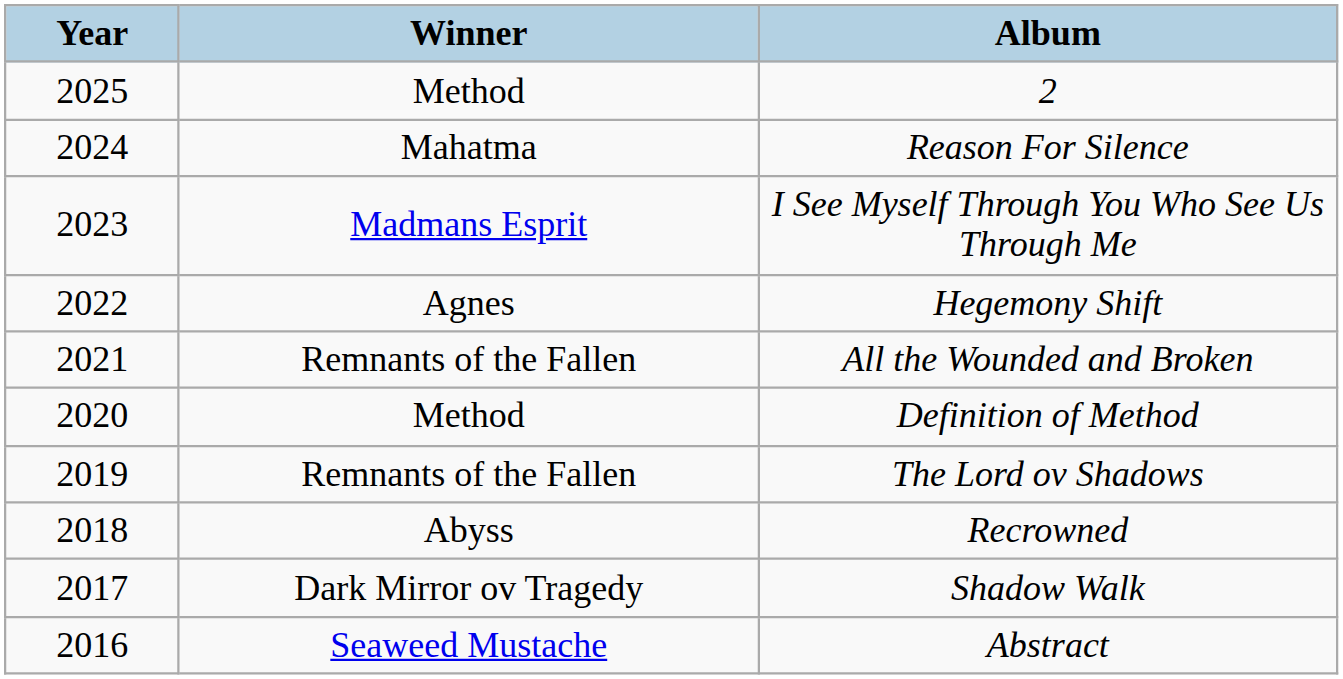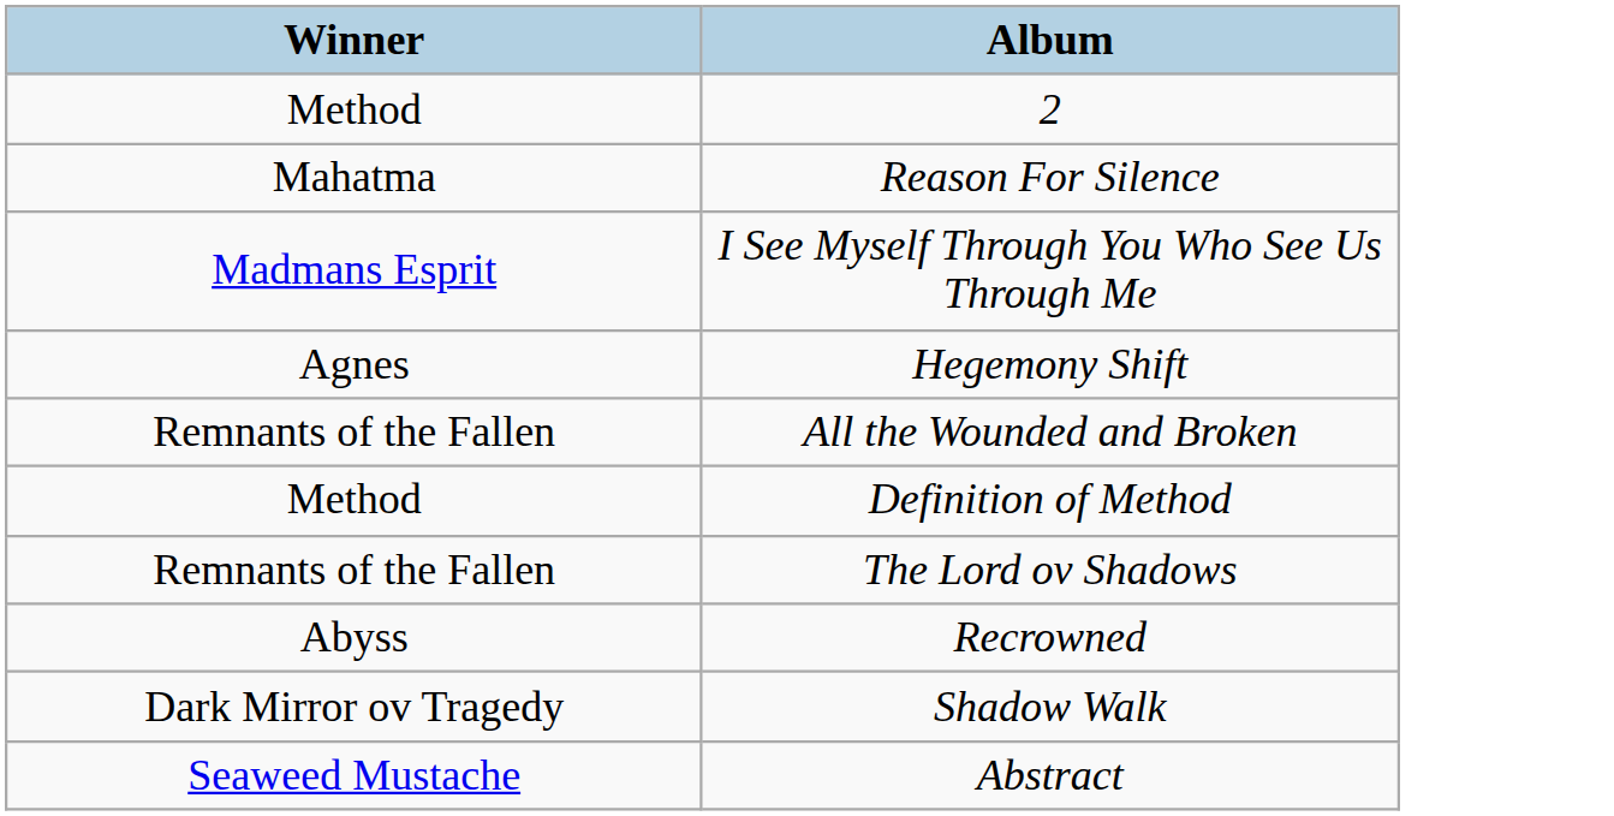 <table class="wikitable" style="text-align: center">
 <tr>
-<th width="70" style="background:#b3d1e3;">Year</th>
 <th width="250" style="background:#b3d1e3;">Winner</th>
 <th width="250" style="background:#b3d1e3;">Album</th>
 </tr>
 <tr>
-<td>2025</td>
 <td>Method</td>
 <td><em>2</em></td>
 </tr>
 <tr>
-<td>2024</td>
 <td>Mahatma</td>
 <td><em>Reason For Silence</em></td>
 </tr>
 <tr>
-<td>2023</td>
 <td><a href='#'>Madmans Esprit</a></td>
 <td><em>I See Myself Through You Who See Us Through Me</em></td>
 </tr>
 <tr>
-<td>2022</td>
 <td>Agnes</td>
 <td><em>Hegemony Shift</em></td>
 </tr>
 <tr>
-<td>2021</td>
 <td>Remnants of the Fallen</td>
 <td><em>All the Wounded and Broken</em></td>
 </tr>
 <tr>
-<td>2020</td>
 <td>Method</td>
 <td><em>Definition of Method</em></td>
 </tr>
 <tr>
-<td>2019</td>
 <td>Remnants of the Fallen</td>
 <td><em>The Lord ov Shadows</em></td>
 </tr>
 <tr>
-<td>2018</td>
 <td>Abyss</td>
 <td><em>Recrowned</em></td>
 </tr>
 <tr>
-<td>2017</td>
 <td>Dark Mirror ov Tragedy</td>
 <td><em>Shadow Walk</em></td>
 </tr>
 <tr>
-<td>2016</td>
 <td><a href='#'>Seaweed Mustache</a></td>
 <td><em>Abstract</em></td>
 </tr>
 </table>
